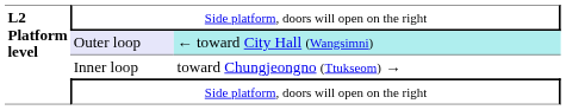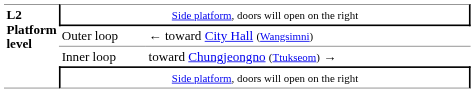 <table table border=0 cellspacing=0 cellpadding=3>
 <tr>
 <td style="border-top:solid 1px gray;border-bottom:solid 1px gray;" width=50 rowspan=10 valign=top><strong>L2<br>Platform level</strong></td>
 <td style="border-top:solid 1px gray;border-right:solid 2px black;border-left:solid 2px black;border-bottom:solid 2px black;text-align:center;" colspan=2><small><a href='#'>Side platform</a>, doors will open on the right </small></td>
 </tr>
 <tr>
-<td style="background: lavender; border-bottom:solid 1px gray;" width=100>Outer loop</td>
-<td style="background: paleturquoise; border-bottom:solid 1px gray;" width=390>←  toward <a href='#'>City Hall</a> <small>(<a href='#'>Wangsimni</a>)</small></td>
+<td style="border-bottom:solid 1px gray;" width=100>Outer loop</td>
+<td style="border-bottom:solid 1px gray;" width=390>←  toward <a href='#'>City Hall</a> <small>(<a href='#'>Wangsimni</a>)</small></td>
 </tr>
 <tr>
 <td>Inner loop</td>
 <td>  toward <a href='#'>Chungjeongno</a> <small>(<a href='#'>Ttukseom</a>)</small> →</td>
 </tr>
 <tr>
 <td style="border-top:solid 2px black;border-right:solid 2px black;border-left:solid 2px black;border-bottom:solid 1px gray;text-align:center;" colspan=2><small><a href='#'>Side platform</a>, doors will open on the right </small></td>
 </tr>
 </table>
